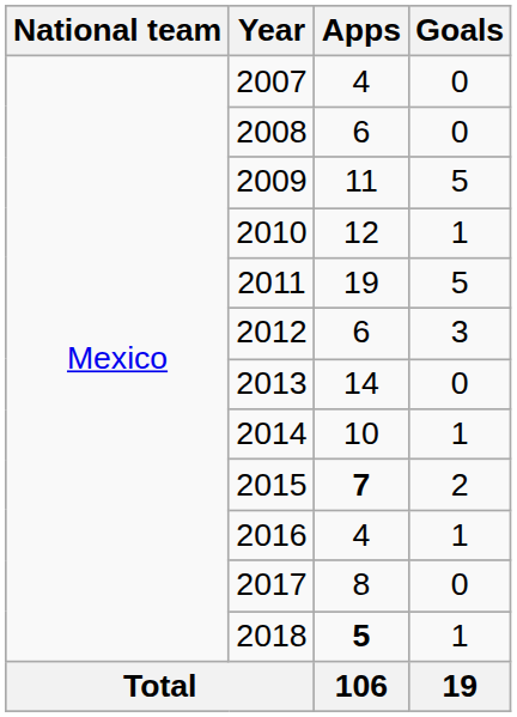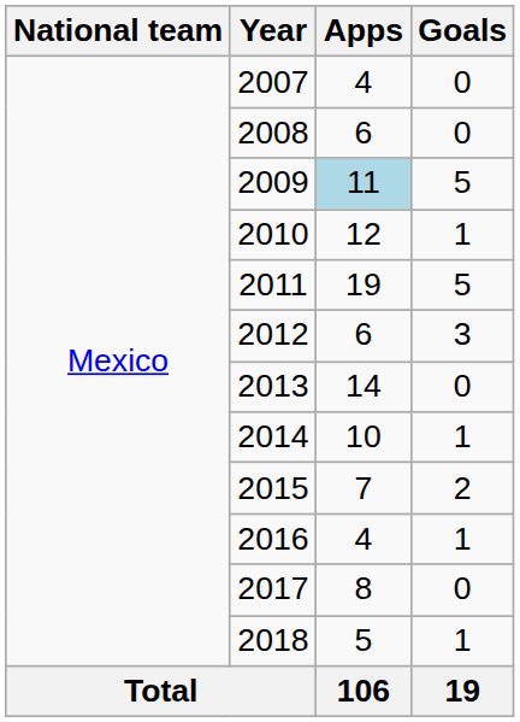 <table class="wikitable" style="text-align:center">
 <tr>
 <th>National team</th>
 <th>Year</th>
 <th>Apps</th>
 <th>Goals</th>
 </tr>
 <tr>
 <td rowspan="12"><a href='#'>Mexico</a></td>
 <td>2007</td>
 <td>4</td>
 <td>0</td>
 </tr>
 <tr>
 <td>2008</td>
 <td>6</td>
 <td>0</td>
 </tr>
 <tr>
 <td>2009</td>
-<td>11</td>
+<td style="background: lightblue;">11</td>
 <td>5</td>
 </tr>
 <tr>
 <td>2010</td>
 <td>12</td>
 <td>1</td>
 </tr>
 <tr>
 <td>2011</td>
 <td>19</td>
 <td>5</td>
 </tr>
 <tr>
 <td>2012</td>
 <td>6</td>
 <td>3</td>
 </tr>
 <tr>
 <td>2013</td>
 <td>14</td>
 <td>0</td>
 </tr>
 <tr>
 <td>2014</td>
 <td>10</td>
 <td>1</td>
 </tr>
 <tr>
 <td>2015</td>
-<td><strong>7</strong></td>
+<td>7</td>
 <td>2</td>
 </tr>
 <tr>
 <td>2016</td>
 <td>4</td>
 <td>1</td>
 </tr>
 <tr>
 <td>2017</td>
 <td>8</td>
 <td>0</td>
 </tr>
 <tr>
 <td>2018</td>
-<td><strong>5</strong></td>
+<td>5</td>
 <td>1</td>
 </tr>
 <tr>
 <th colspan="2">Total</th>
 <th>106</th>
 <th>19</th>
 </tr>
 </table>
